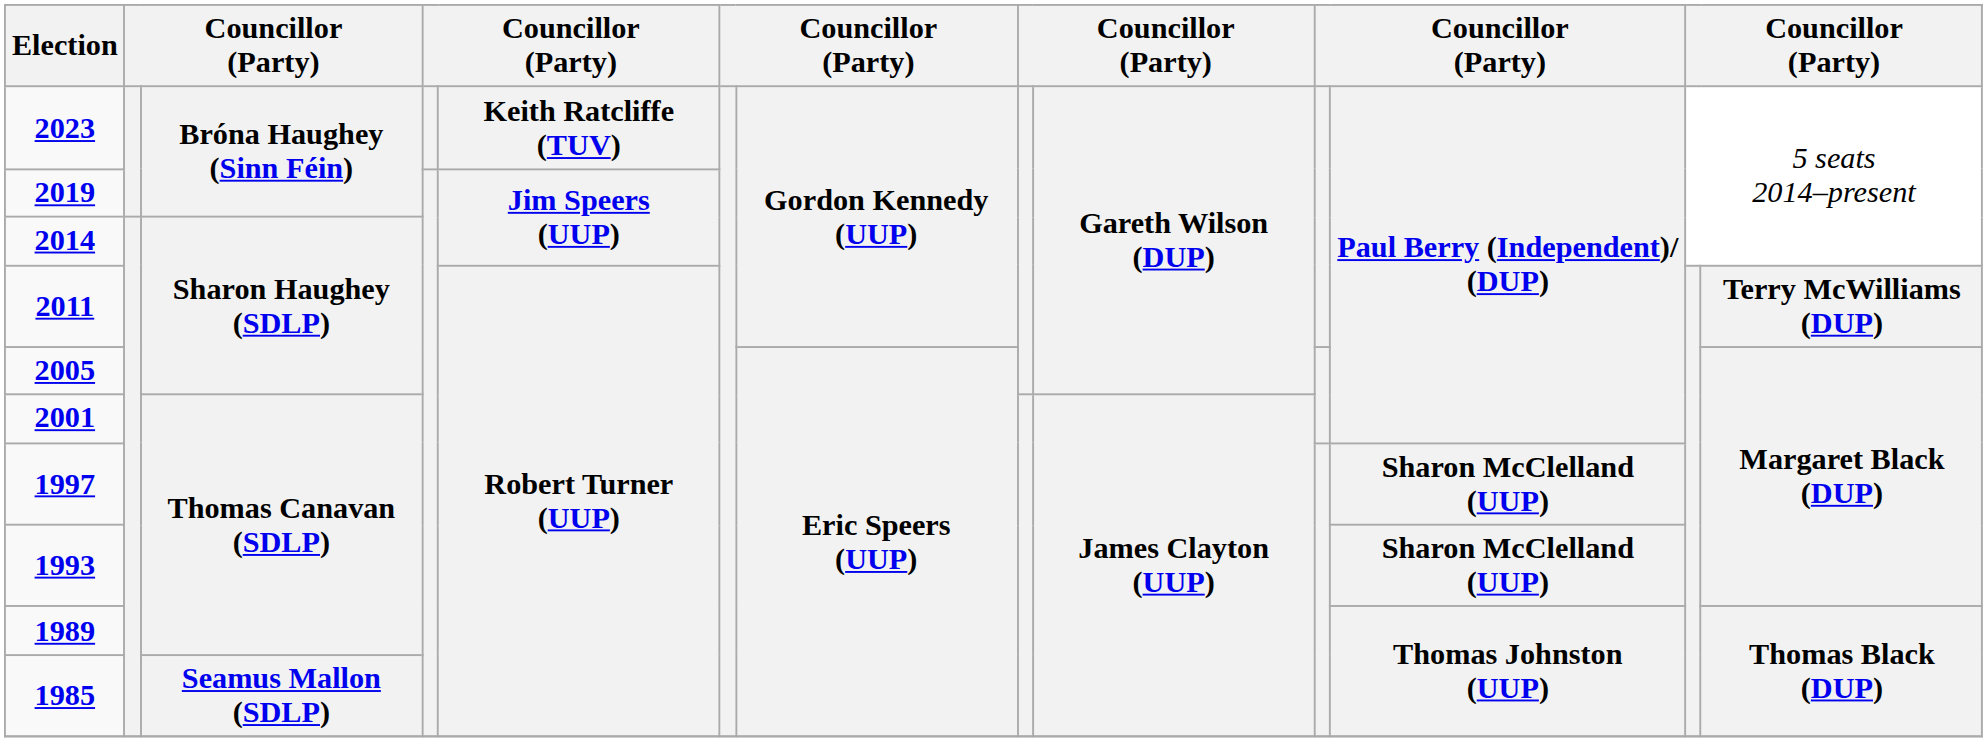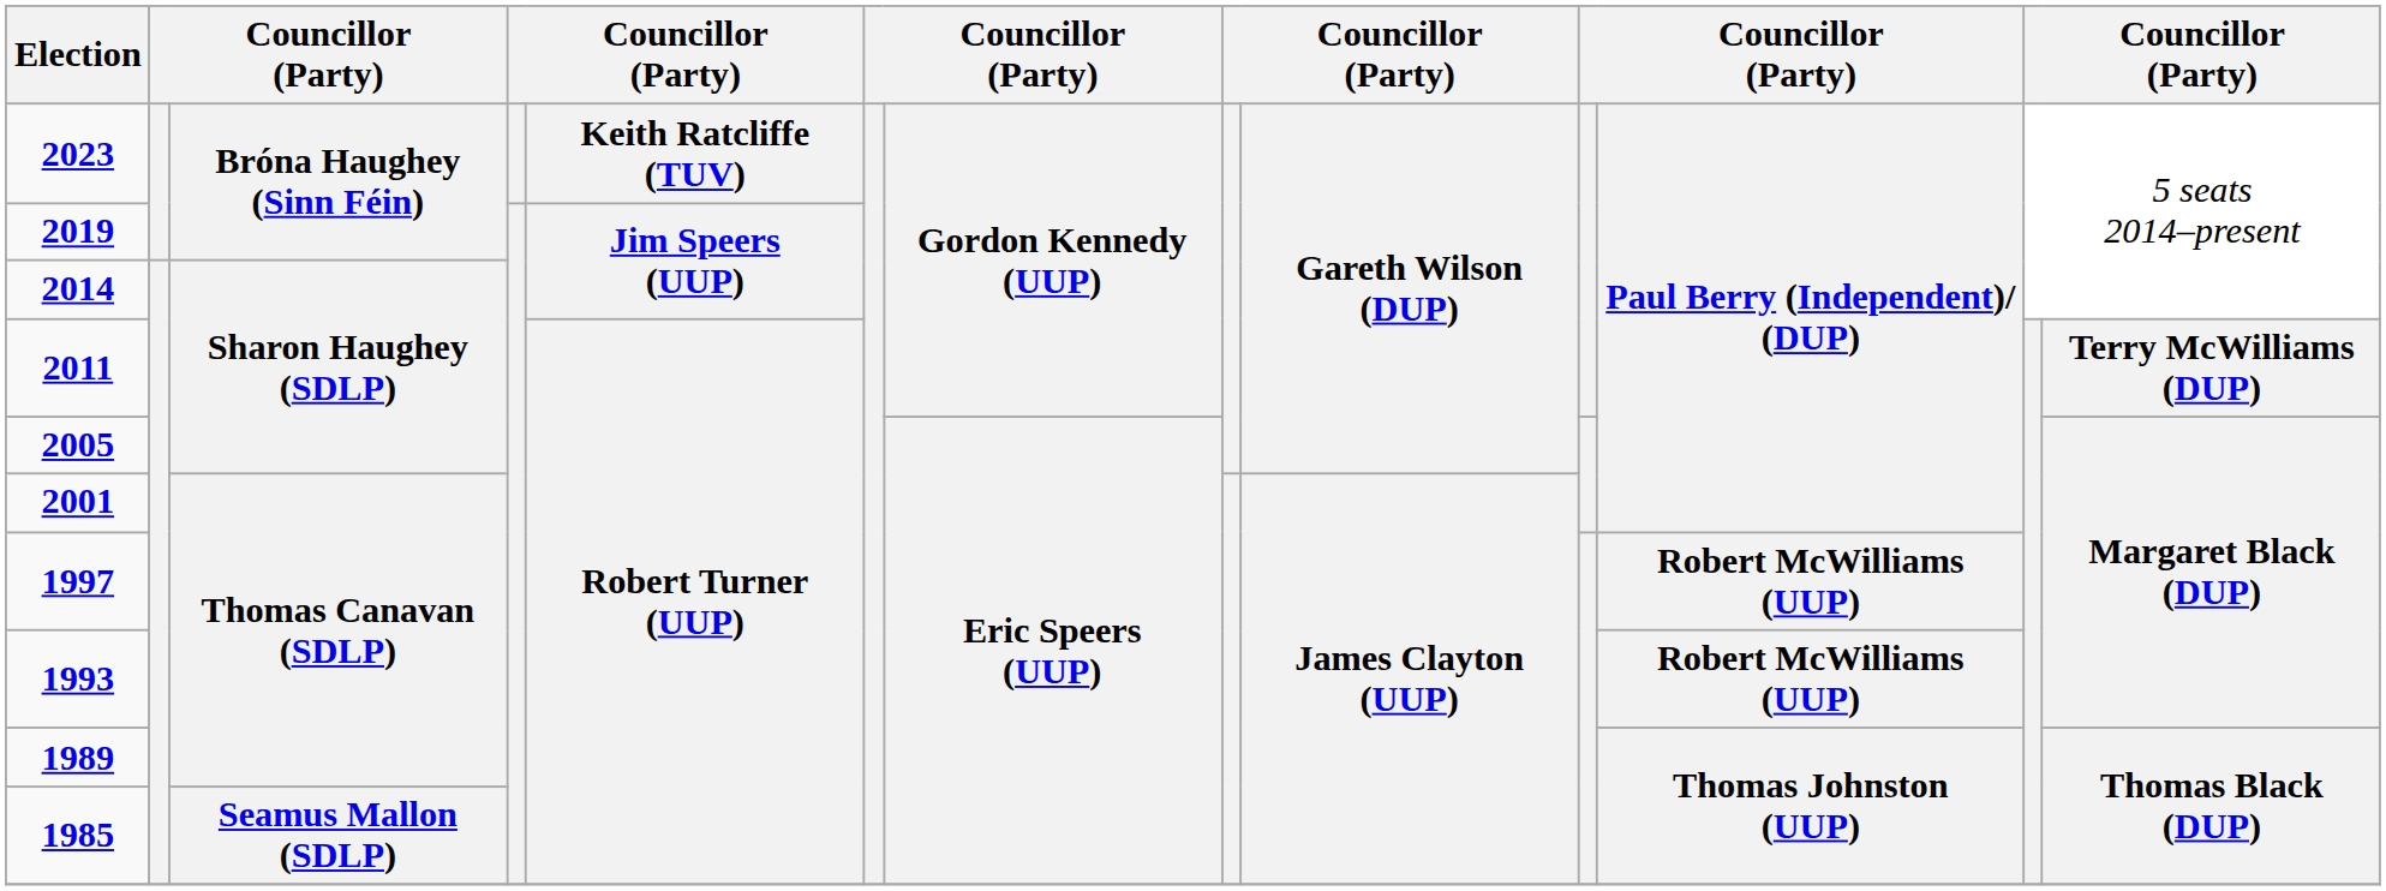 <table class="wikitable" style="text-align:center">
 <tr>
 <th scope="col" width="50">Election</th>
 <th scope="col" width="150" colspan = "2">Councillor<br> (Party)</th>
 <th scope="col" width="150" colspan = "2">Councillor<br> (Party)</th>
 <th scope="col" width="150" colspan = "2">Councillor<br> (Party)</th>
 <th scope="col" width="150" colspan = "2">Councillor<br> (Party)</th>
 <th scope="col" width="150" colspan = "2">Councillor<br> (Party)</th>
 <th scope="col" width="150" colspan = "2">Councillor<br> (Party)</th>
 </tr>
 <tr>
 <td><strong><a href='#'>2023</a></strong></td>
 <th rowspan="2" width="1" style="background-color: "></th>
 <th rowspan = "2">Bróna Haughey <br> (<a href='#'>Sinn Féin</a>)</th>
 <th rowspan="1" width="1" style="background-color: "></th>
 <th rowspan = "1">Keith Ratcliffe <br> (<a href='#'>TUV</a>)</th>
 <th rowspan="10" width="1" style="background-color: "></th>
 <th rowspan = "4">Gordon Kennedy <br> (<a href='#'>UUP</a>)</th>
 <th rowspan="5" width="1" style="background-color: "></th>
 <th rowspan = "5">Gareth Wilson <br> (<a href='#'>DUP</a>)</th>
 <th rowspan="4" width="1" style="background-color: "></th>
 <th rowspan = "6"><a href='#'>Paul Berry</a> (<a href='#'>Independent</a>)/ <br> (<a href='#'>DUP</a>)</th>
 <td colspan="2" rowspan="3" style="background-color:#FFFFFF"><em>5 seats<br>2014–present</em></td>
 </tr>
 <tr>
 <td><strong><a href='#'>2019</a></strong></td>
 <th rowspan="9" width="1" style="background-color: "></th>
 <th rowspan = "2"><a href='#'>Jim Speers</a> <br> (<a href='#'>UUP</a>)</th>
 </tr>
 <tr>
 <td><strong><a href='#'>2014</a></strong></td>
 <th rowspan="8" width="1" style="background-color: "></th>
 <th rowspan = "3">Sharon Haughey <br> (<a href='#'>SDLP</a>)</th>
 </tr>
 <tr>
 <td><strong><a href='#'>2011</a></strong></td>
 <th rowspan = "7">Robert Turner <br> (<a href='#'>UUP</a>)</th>
 <th rowspan="7" width="1" style="background-color: "></th>
 <th rowspan = "1">Terry McWilliams <br> (<a href='#'>DUP</a>)</th>
 </tr>
 <tr>
 <td><strong><a href='#'>2005</a></strong></td>
 <th rowspan = "6">Eric Speers <br> (<a href='#'>UUP</a>)</th>
 <th rowspan="2" width="1" style="background-color: "></th>
 <th rowspan = "4">Margaret Black <br> (<a href='#'>DUP</a>)</th>
 </tr>
 <tr>
 <td><strong><a href='#'>2001</a></strong></td>
 <th rowspan = "4">Thomas Canavan <br> (<a href='#'>SDLP</a>)</th>
 <th rowspan="5" width="1" style="background-color: "></th>
 <th rowspan = "5">James Clayton <br> (<a href='#'>UUP</a>)</th>
 </tr>
 <tr>
 <td><strong><a href='#'>1997</a></strong></td>
 <th rowspan="4" width="1" style="background-color: "></th>
-<th rowspan = "1">Sharon McClelland <br> (<a href='#'>UUP</a>)</th>
+<th rowspan = "1">Robert McWilliams <br> (<a href='#'>UUP</a>)</th>
 </tr>
 <tr>
 <td><strong><a href='#'>1993</a></strong></td>
-<th rowspan = "1">Sharon McClelland <br> (<a href='#'>UUP</a>)</th>
+<th rowspan = "1">Robert McWilliams <br> (<a href='#'>UUP</a>)</th>
 </tr>
 <tr>
 <td><strong><a href='#'>1989</a></strong></td>
 <th rowspan = "2">Thomas Johnston <br> (<a href='#'>UUP</a>)</th>
 <th rowspan = "2">Thomas Black <br> (<a href='#'>DUP</a>)</th>
 </tr>
 <tr>
 <td><strong><a href='#'>1985</a></strong></td>
 <th rowspan = "1"><a href='#'>Seamus Mallon</a> <br> (<a href='#'>SDLP</a>)</th>
 </tr>
 <tr>
 </tr>
 </table>
